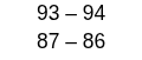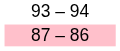 <table style="text-align:center;">
 <tr>
 <th width=200></th>
 <th width=100></th>
 <th width=200></th>
 <th></th>
 </tr>
 <tr>
 <td align=right></td>
 <td>93 – 94</td>
 <td align=left><strong></strong></td>
 </tr>
 <tr>
 <td align=right><strong></strong></td>
-<td>87 – 86</td>
+<td style="background: pink;">87 – 86</td>
 <td align=left></td>
 </tr>
 </table>
